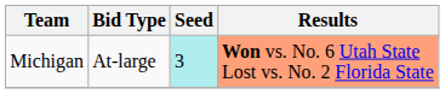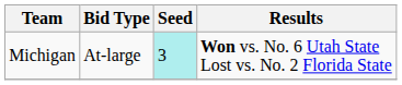 <table class="wikitable">
 <tr>
 <th align="center">Team</th>
 <th align="center">Bid Type</th>
 <th align="center">Seed</th>
 <th align="center">Results</th>
 </tr>
 <tr>
 <td>Michigan</td>
 <td>At-large</td>
 <td style="background: paleturquoise;">3</td>
-<td style="background: lightsalmon;"><strong>Won</strong> vs. No. 6 <a href='#'>Utah State</a><br>Lost vs. No. 2 <a href='#'>Florida State</a></td>
+<td><strong>Won</strong> vs. No. 6 <a href='#'>Utah State</a><br>Lost vs. No. 2 <a href='#'>Florida State</a></td>
 </tr>
 <tr>
 </tr>
 </table>
